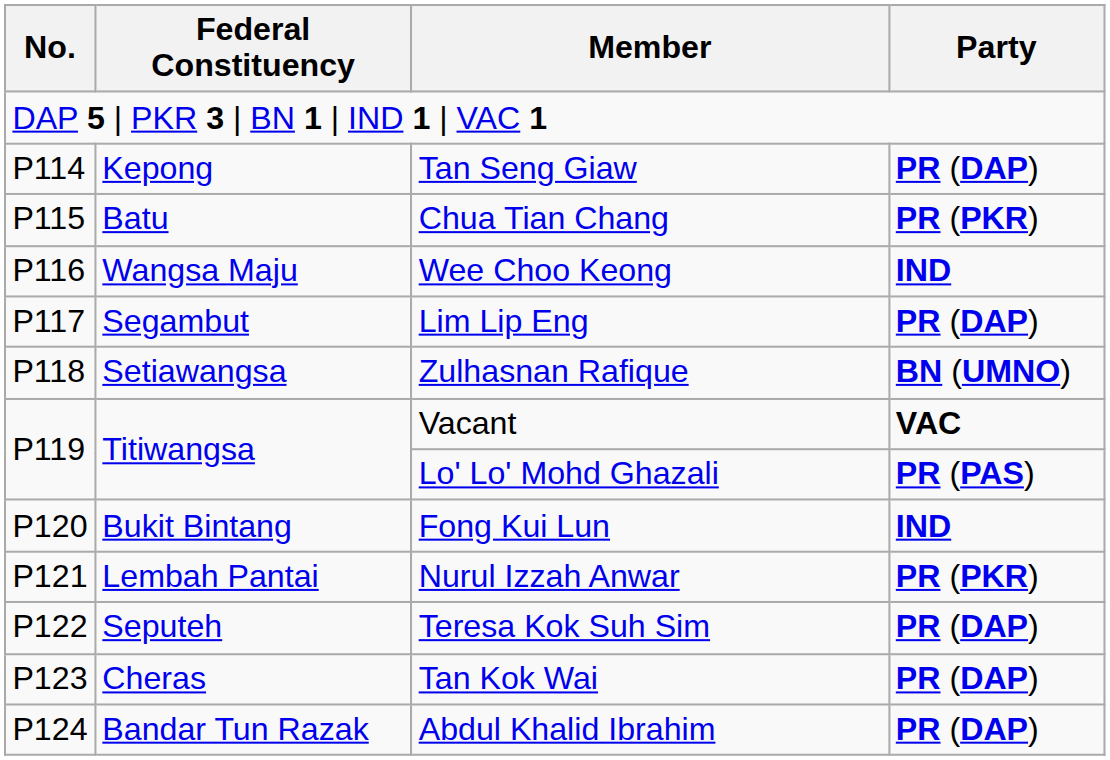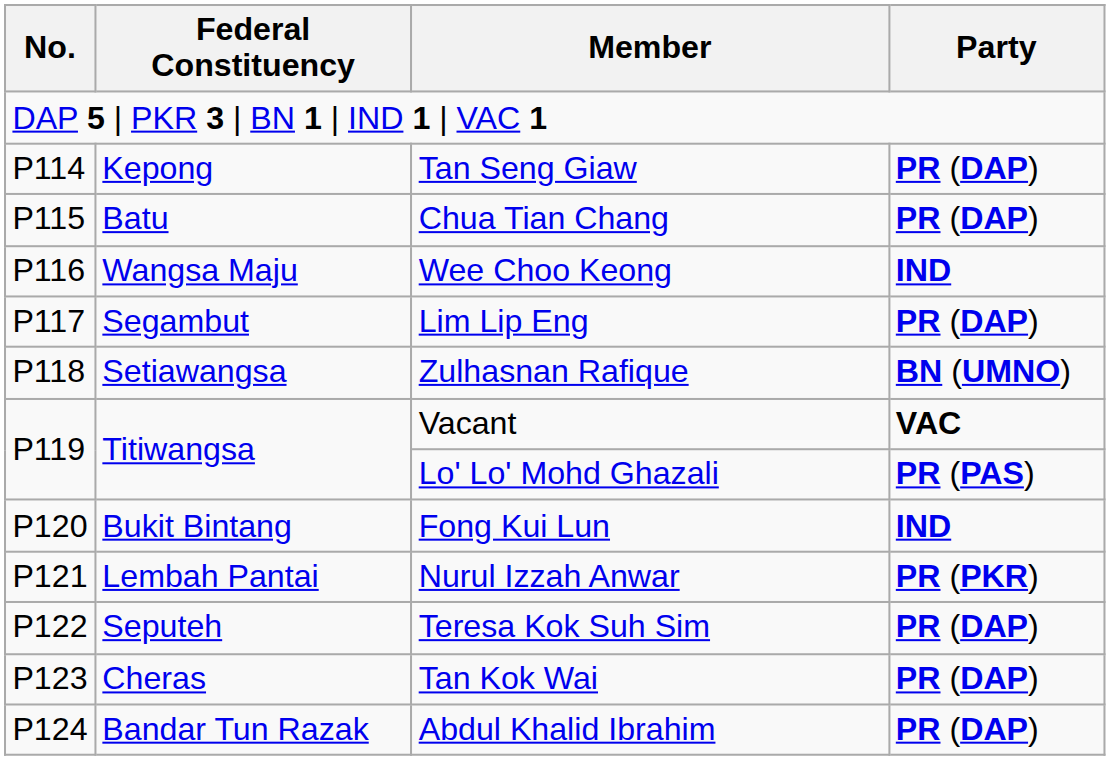 <table class ="wikitable sortable">
 <tr>
 <th style="width:30px;">No.</th>
 <th style="width:150px;">Federal Constituency</th>
 <th style="width:230px;">Member</th>
 <th style="width:100px;">Party</th>
 </tr>
 <tr>
 <td colspan="4"><a href='#'>DAP</a> <strong>5</strong> | <a href='#'>PKR</a> <strong>3</strong> | <a href='#'>BN</a> <strong>1</strong> | <a href='#'>IND</a> <strong>1</strong> | <a href='#'>VAC</a> <strong>1</strong></td>
 </tr>
 <tr>
 <td>P114</td>
 <td><a href='#'>Kepong</a></td>
 <td><a href='#'>Tan Seng Giaw</a></td>
 <td><strong><a href='#'>PR</a></strong> (<strong><a href='#'>DAP</a></strong>)</td>
 </tr>
 <tr>
 <td>P115</td>
 <td><a href='#'>Batu</a></td>
 <td><a href='#'>Chua Tian Chang</a></td>
-<td><strong><a href='#'>PR</a></strong> (<strong><a href='#'>PKR</a></strong>)</td>
+<td><strong><a href='#'>PR</a></strong> (<strong><a href='#'>DAP</a></strong>)</td>
 </tr>
 <tr>
 <td>P116</td>
 <td><a href='#'>Wangsa Maju</a></td>
 <td><a href='#'>Wee Choo Keong</a></td>
 <td><strong><a href='#'>IND</a></strong></td>
 </tr>
 <tr>
 <td>P117</td>
 <td><a href='#'>Segambut</a></td>
 <td><a href='#'>Lim Lip Eng</a></td>
 <td><strong><a href='#'>PR</a></strong> (<strong><a href='#'>DAP</a></strong>)</td>
 </tr>
 <tr>
 <td>P118</td>
 <td><a href='#'>Setiawangsa</a></td>
 <td><a href='#'>Zulhasnan Rafique</a></td>
 <td><strong><a href='#'>BN</a></strong> (<strong><a href='#'>UMNO</a></strong>)</td>
 </tr>
 <tr>
 <td rowspan="2">P119</td>
 <td rowspan="2"><a href='#'>Titiwangsa</a></td>
 <td>Vacant </td>
 <td><strong>VAC</strong></td>
 </tr>
 <tr>
 <td><a href='#'>Lo' Lo' Mohd Ghazali</a>  </td>
 <td><strong><a href='#'>PR</a></strong> (<strong><a href='#'>PAS</a></strong>)</td>
 </tr>
 <tr>
 <td>P120</td>
 <td><a href='#'>Bukit Bintang</a></td>
 <td><a href='#'>Fong Kui Lun</a></td>
 <td><strong><a href='#'>IND</a></strong></td>
 </tr>
 <tr>
 <td>P121</td>
 <td><a href='#'>Lembah Pantai</a></td>
 <td><a href='#'>Nurul Izzah Anwar</a></td>
 <td><strong><a href='#'>PR</a></strong> (<strong><a href='#'>PKR</a></strong>)</td>
 </tr>
 <tr>
 <td>P122</td>
 <td><a href='#'>Seputeh</a></td>
 <td><a href='#'>Teresa Kok Suh Sim</a></td>
 <td><strong><a href='#'>PR</a></strong> (<strong><a href='#'>DAP</a></strong>)</td>
 </tr>
 <tr>
 <td>P123</td>
 <td><a href='#'>Cheras</a></td>
 <td><a href='#'>Tan Kok Wai</a></td>
 <td><strong><a href='#'>PR</a></strong> (<strong><a href='#'>DAP</a></strong>)</td>
 </tr>
 <tr>
 <td>P124</td>
 <td><a href='#'>Bandar Tun Razak</a></td>
 <td><a href='#'>Abdul Khalid Ibrahim</a></td>
 <td><strong><a href='#'>PR</a></strong> (<strong><a href='#'>DAP</a></strong>)</td>
 </tr>
 </table>
